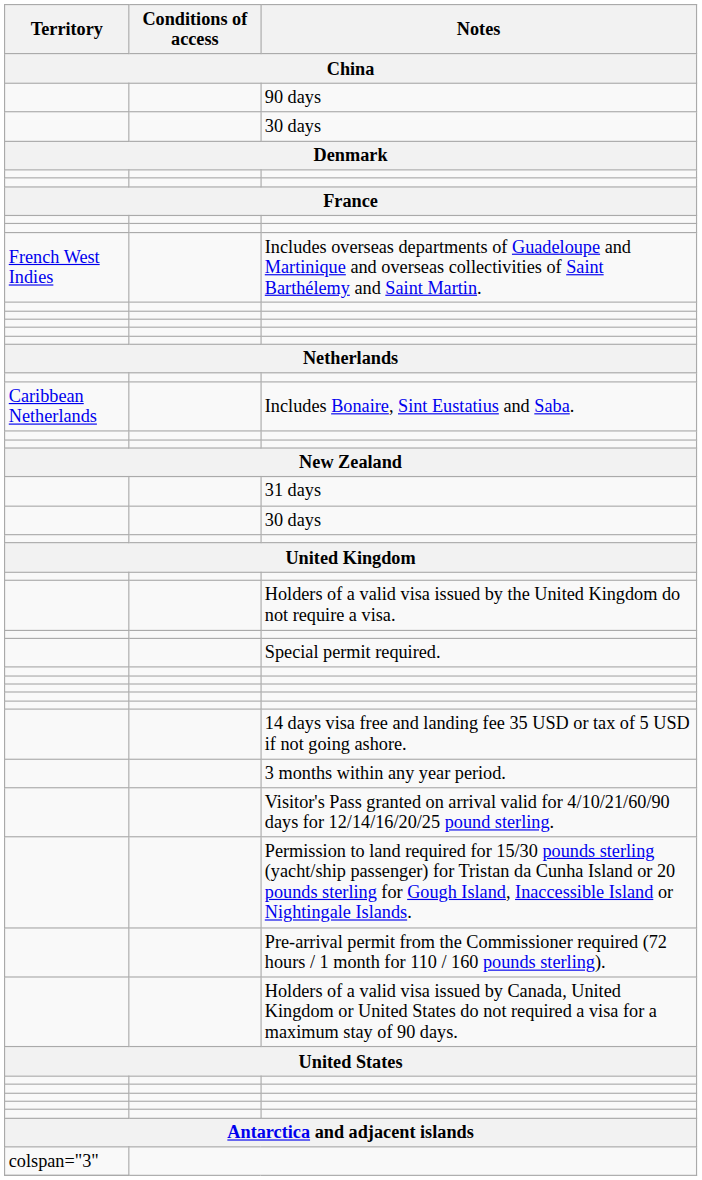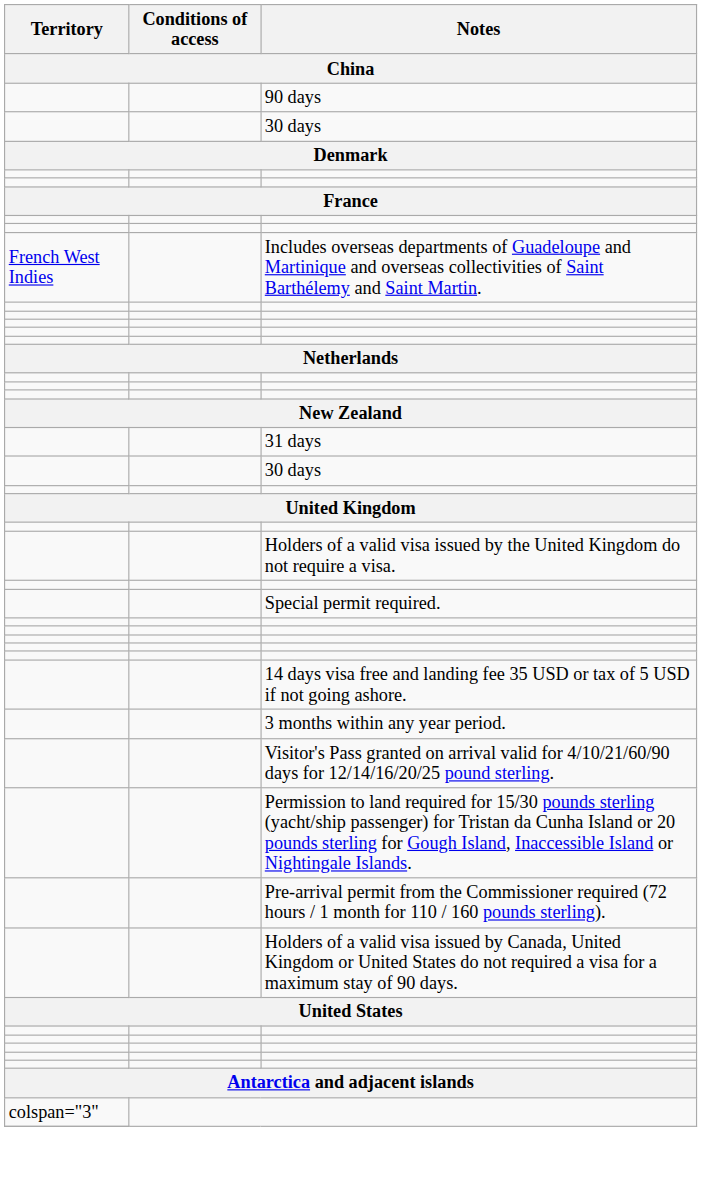 <table class="wikitable" style="text-align: left; table-layout: fixed;">
 <tr>
 <th width="18%">Territory</th>
 <th width="19%">Conditions of access</th>
 <th>Notes</th>
 </tr>
 <tr>
 <th colspan="3">China</th>
 </tr>
 <tr>
 <td></td>
 <td></td>
 <td>90 days</td>
 </tr>
 <tr>
 <td></td>
 <td></td>
 <td>30 days</td>
 </tr>
 <tr>
 <th colspan="3">Denmark</th>
 </tr>
 <tr>
 <td></td>
 <td></td>
 <td></td>
 </tr>
 <tr>
 <td></td>
 <td></td>
 <td></td>
 </tr>
 <tr>
 <th colspan="3">France</th>
 </tr>
 <tr>
 <td></td>
 <td></td>
 <td></td>
 </tr>
 <tr>
 <td></td>
 <td></td>
 <td></td>
 </tr>
 <tr>
 <td> <a href='#'>French West Indies</a></td>
 <td></td>
 <td>Includes overseas departments of <a href='#'>Guadeloupe</a> and <a href='#'>Martinique</a> and overseas collectivities of <a href='#'>Saint Barthélemy</a> and <a href='#'>Saint Martin</a>.</td>
 </tr>
 <tr>
 <td></td>
 <td></td>
 <td></td>
 </tr>
 <tr>
 <td></td>
 <td></td>
 <td></td>
 </tr>
 <tr>
 <td></td>
 <td></td>
 <td></td>
 </tr>
 <tr>
 <td></td>
 <td></td>
 <td></td>
 </tr>
 <tr>
 <td></td>
 <td></td>
 <td></td>
 </tr>
 <tr>
 <th colspan="3">Netherlands</th>
 </tr>
 <tr>
 <td></td>
 <td></td>
 <td></td>
-</tr>
-<tr>
-<td> <a href='#'>Caribbean Netherlands</a></td>
-<td></td>
-<td>Includes <a href='#'>Bonaire</a>, <a href='#'>Sint Eustatius</a> and <a href='#'>Saba</a>.</td>
 </tr>
 <tr>
 <td></td>
 <td></td>
 <td></td>
 </tr>
 <tr>
 <td></td>
 <td></td>
 <td></td>
 </tr>
 <tr>
 <th colspan="3">New Zealand</th>
 </tr>
 <tr>
 <td></td>
 <td></td>
 <td>31 days</td>
 </tr>
 <tr>
 <td></td>
 <td></td>
 <td>30 days</td>
 </tr>
 <tr>
 <td></td>
 <td></td>
 <td></td>
 </tr>
 <tr>
 <th colspan="3">United Kingdom</th>
 </tr>
 <tr>
 <td></td>
 <td></td>
 <td></td>
 </tr>
 <tr>
 <td></td>
 <td></td>
 <td>Holders of a valid visa issued by the United Kingdom do not require a visa.</td>
 </tr>
 <tr>
 <td></td>
 <td></td>
 <td></td>
 </tr>
 <tr>
 <td></td>
 <td></td>
 <td>Special permit required.</td>
 </tr>
 <tr>
 <td></td>
 <td></td>
 <td></td>
 </tr>
 <tr>
 <td></td>
 <td></td>
 <td></td>
 </tr>
 <tr>
 <td></td>
 <td></td>
 <td></td>
 </tr>
 <tr>
 <td></td>
 <td></td>
 <td></td>
 </tr>
 <tr>
 <td></td>
 <td></td>
 <td></td>
 </tr>
 <tr>
 <td></td>
 <td></td>
 <td>14 days visa free and landing fee 35 USD or tax of 5 USD if not going ashore.</td>
 </tr>
 <tr>
 <td></td>
 <td></td>
 <td>3 months within any year period.</td>
 </tr>
 <tr>
 <td></td>
 <td></td>
 <td>Visitor's Pass granted on arrival valid for 4/10/21/60/90 days for 12/14/16/20/25 <a href='#'>pound sterling</a>.</td>
 </tr>
 <tr>
 <td></td>
 <td></td>
 <td>Permission to land required for 15/30 <a href='#'>pounds sterling</a> (yacht/ship passenger) for Tristan da Cunha Island or 20 <a href='#'>pounds sterling</a> for <a href='#'>Gough Island</a>, <a href='#'>Inaccessible Island</a> or <a href='#'>Nightingale Islands</a>.</td>
 </tr>
 <tr>
 <td></td>
 <td></td>
 <td>Pre-arrival permit from the Commissioner required (72 hours / 1 month for 110 / 160 <a href='#'>pounds sterling</a>).</td>
 </tr>
 <tr>
 <td></td>
 <td></td>
 <td>Holders of a valid visa issued by Canada, United Kingdom or United States do not required a visa for a maximum stay of 90 days.</td>
 </tr>
 <tr>
 <th colspan="3">United States</th>
 </tr>
 <tr>
 <td></td>
 <td></td>
 <td></td>
 </tr>
 <tr>
 <td></td>
 <td></td>
 <td></td>
 </tr>
 <tr>
 <td></td>
 <td></td>
 <td></td>
 </tr>
 <tr>
 <td></td>
 <td></td>
 <td></td>
 </tr>
 <tr>
 <td></td>
 <td></td>
 <td></td>
 </tr>
 <tr>
 <th colspan="3"><a href='#'>Antarctica</a> and adjacent islands</th>
 </tr>
 <tr>
 <td>colspan="3" </td>
 </tr>
 <tr>
 </tr>
 </table>
